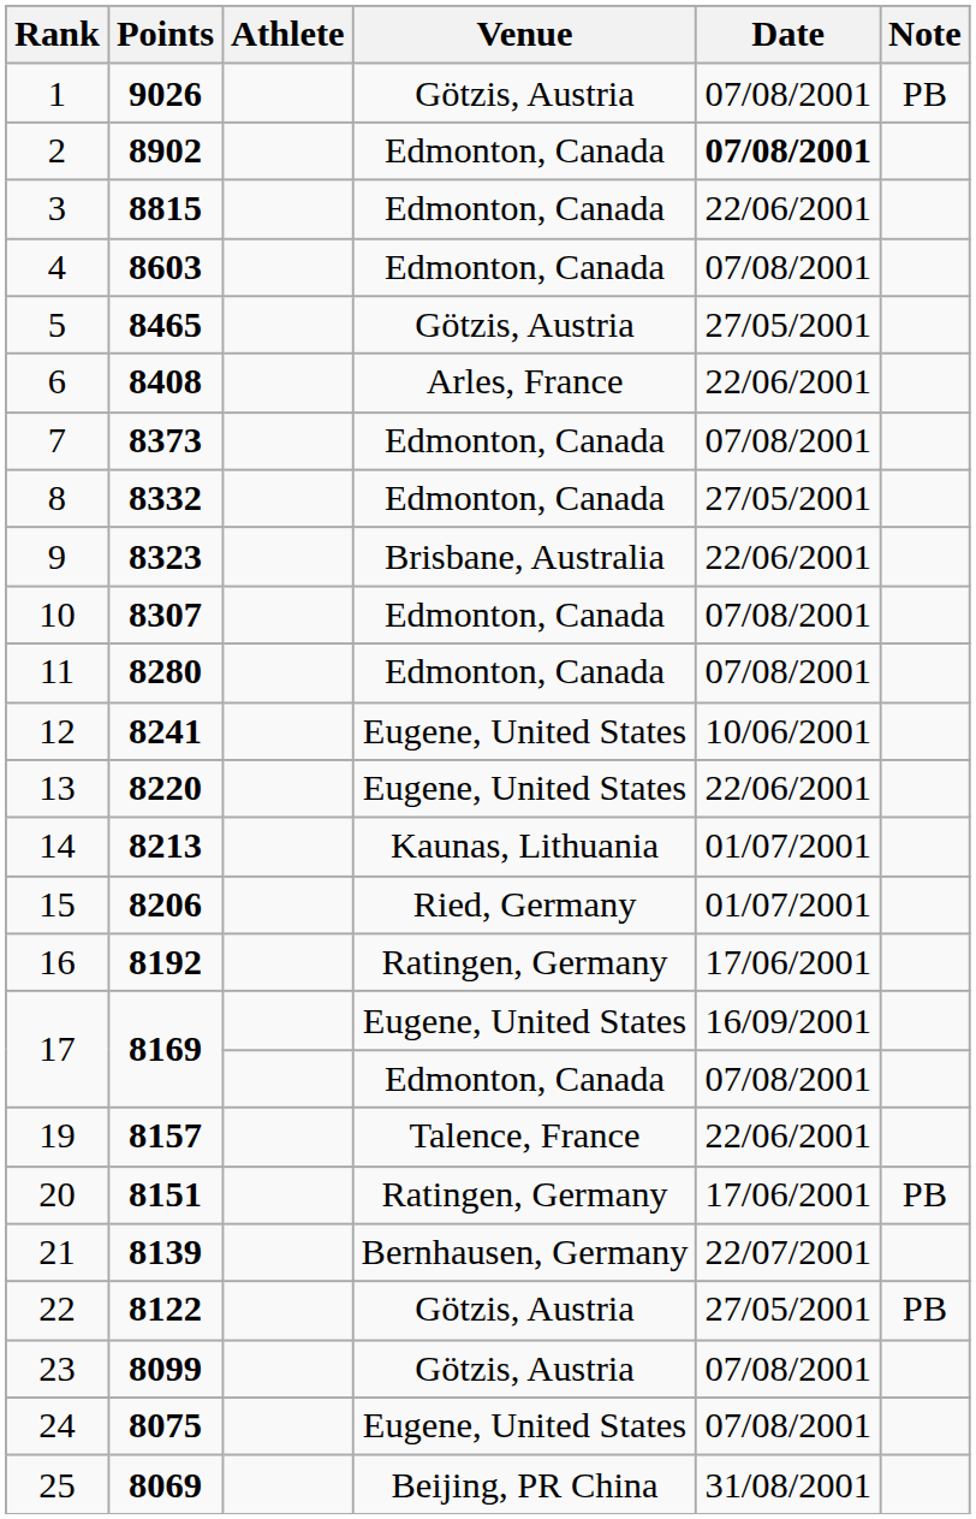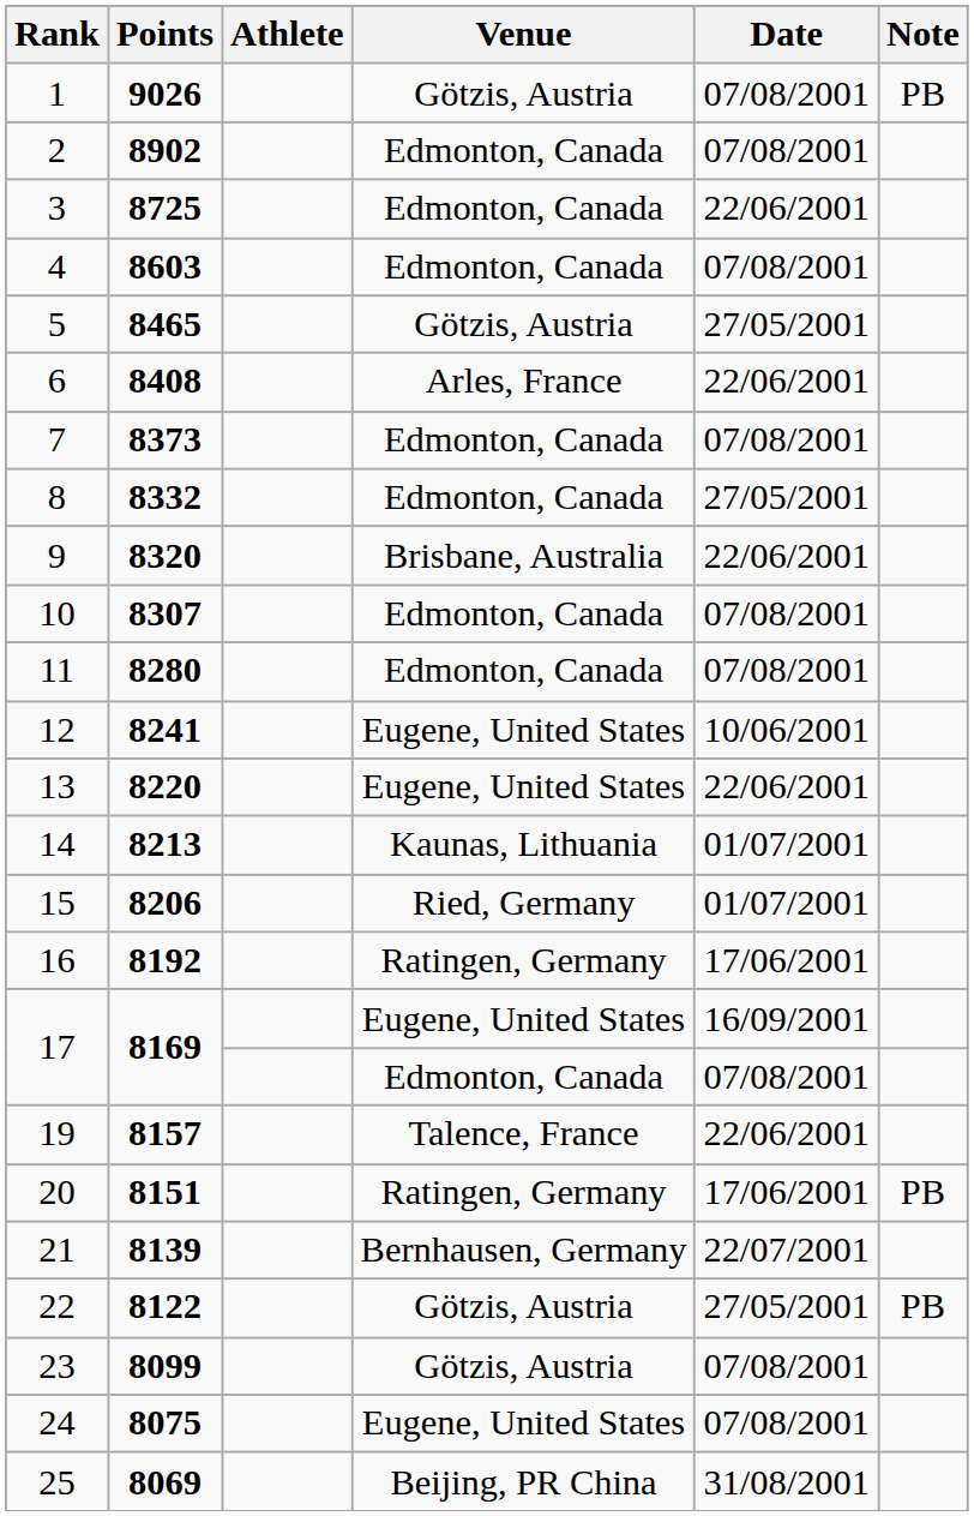 <table class="wikitable" style=" text-align:center;">
 <tr>
 <th>Rank</th>
 <th>Points</th>
 <th>Athlete</th>
 <th>Venue</th>
 <th>Date</th>
 <th>Note</th>
 </tr>
 <tr>
 <td>1</td>
 <td><strong>9026</strong></td>
 <td align=left></td>
 <td>Götzis, Austria</td>
 <td>07/08/2001</td>
 <td>PB</td>
 </tr>
 <tr>
 <td>2</td>
 <td><strong>8902</strong></td>
 <td align=left></td>
 <td>Edmonton, Canada</td>
-<td><strong>07/08/2001</strong></td>
+<td>07/08/2001</td>
 <td></td>
 </tr>
 <tr>
 <td>3</td>
-<td><strong>8815</strong></td>
+<td><strong>8725</strong></td>
 <td align=left></td>
 <td>Edmonton, Canada</td>
 <td>22/06/2001</td>
 <td></td>
 </tr>
 <tr>
 <td>4</td>
 <td><strong>8603</strong></td>
 <td align=left></td>
 <td>Edmonton, Canada</td>
 <td>07/08/2001</td>
 <td></td>
 </tr>
 <tr>
 <td>5</td>
 <td><strong>8465</strong></td>
 <td align=left></td>
 <td>Götzis, Austria</td>
 <td>27/05/2001</td>
 <td></td>
 </tr>
 <tr>
 <td>6</td>
 <td><strong>8408</strong></td>
 <td align=left></td>
 <td>Arles, France</td>
 <td>22/06/2001</td>
 <td></td>
 </tr>
 <tr>
 <td>7</td>
 <td><strong>8373</strong></td>
 <td align=left></td>
 <td>Edmonton, Canada</td>
 <td>07/08/2001</td>
 <td></td>
 </tr>
 <tr>
 <td>8</td>
 <td><strong>8332</strong></td>
 <td align=left></td>
 <td>Edmonton, Canada</td>
 <td>27/05/2001</td>
 <td></td>
 </tr>
 <tr>
 <td>9</td>
-<td><strong>8323</strong></td>
+<td><strong>8320</strong></td>
 <td align=left></td>
 <td>Brisbane, Australia</td>
 <td>22/06/2001</td>
 <td></td>
 </tr>
 <tr>
 <td>10</td>
 <td><strong>8307</strong></td>
 <td align=left></td>
 <td>Edmonton, Canada</td>
 <td>07/08/2001</td>
 <td></td>
 </tr>
 <tr>
 <td>11</td>
 <td><strong>8280</strong></td>
 <td align=left></td>
 <td>Edmonton, Canada</td>
 <td>07/08/2001</td>
 <td></td>
 </tr>
 <tr>
 <td>12</td>
 <td><strong>8241</strong></td>
 <td align=left></td>
 <td>Eugene, United States</td>
 <td>10/06/2001</td>
 <td></td>
 </tr>
 <tr>
 <td>13</td>
 <td><strong>8220</strong></td>
 <td align=left></td>
 <td>Eugene, United States</td>
 <td>22/06/2001</td>
 <td></td>
 </tr>
 <tr>
 <td>14</td>
 <td><strong>8213</strong></td>
 <td align=left></td>
 <td>Kaunas, Lithuania</td>
 <td>01/07/2001</td>
 <td></td>
 </tr>
 <tr>
 <td>15</td>
 <td><strong>8206</strong></td>
 <td align=left></td>
 <td>Ried, Germany</td>
 <td>01/07/2001</td>
 <td></td>
 </tr>
 <tr>
 <td>16</td>
 <td><strong>8192</strong></td>
 <td align=left></td>
 <td>Ratingen, Germany</td>
 <td>17/06/2001</td>
 <td></td>
 </tr>
 <tr>
 <td rowspan=2>17</td>
 <td rowspan=2><strong>8169</strong></td>
 <td align=left></td>
 <td>Eugene, United States</td>
 <td>16/09/2001</td>
 <td></td>
 </tr>
 <tr>
 <td align=left></td>
 <td>Edmonton, Canada</td>
 <td>07/08/2001</td>
 <td></td>
 </tr>
 <tr>
 <td>19</td>
 <td><strong>8157</strong></td>
 <td align=left></td>
 <td>Talence, France</td>
 <td>22/06/2001</td>
 <td></td>
 </tr>
 <tr>
 <td>20</td>
 <td><strong>8151</strong></td>
 <td align=left></td>
 <td>Ratingen, Germany</td>
 <td>17/06/2001</td>
 <td>PB</td>
 </tr>
 <tr>
 <td>21</td>
 <td><strong>8139</strong></td>
 <td align=left></td>
 <td>Bernhausen, Germany</td>
 <td>22/07/2001</td>
 <td></td>
 </tr>
 <tr>
 <td>22</td>
 <td><strong>8122</strong></td>
 <td align=left></td>
 <td>Götzis, Austria</td>
 <td>27/05/2001</td>
 <td>PB</td>
 </tr>
 <tr>
 <td>23</td>
 <td><strong>8099</strong></td>
 <td align=left></td>
 <td>Götzis, Austria</td>
 <td>07/08/2001</td>
 <td></td>
 </tr>
 <tr>
 <td>24</td>
 <td><strong>8075</strong></td>
 <td align=left></td>
 <td>Eugene, United States</td>
 <td>07/08/2001</td>
 <td></td>
 </tr>
 <tr>
 <td>25</td>
 <td><strong>8069</strong></td>
 <td align=left></td>
 <td>Beijing, PR China</td>
 <td>31/08/2001</td>
 <td></td>
 </tr>
 </table>
